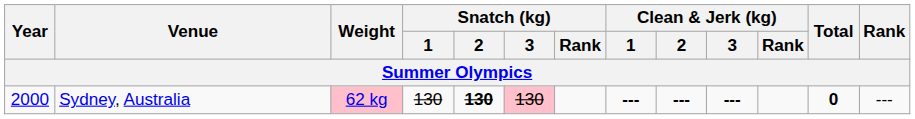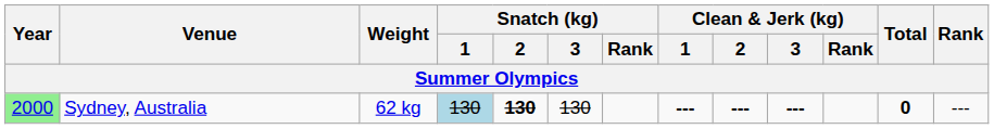 <table class = "wikitable" style="text-align:center;">
 <tr>
 <th rowspan=2 width=40>Year</th>
 <th rowspan=2 width=250>Venue</th>
 <th rowspan=2 width=60>Weight</th>
 <th colspan=4>Snatch (kg)</th>
 <th colspan=4>Clean & Jerk (kg)</th>
 <th rowspan=2 width=40>Total</th>
 <th rowspan=2 width=40>Rank</th>
 </tr>
 <tr>
 <th width=40>1</th>
 <th width=40>2</th>
 <th width=40>3</th>
 <th width=40>Rank</th>
 <th width=40>1</th>
 <th width=40>2</th>
 <th width=40>3</th>
 <th width=40>Rank</th>
 </tr>
 <tr>
 <th colspan=13><a href='#'>Summer Olympics</a></th>
 </tr>
 <tr>
-<td><a href='#'>2000</a></td>
+<td style="background: lightgreen;"><a href='#'>2000</a></td>
 <td align=left> <a href='#'>Sydney</a>, <a href='#'>Australia</a></td>
-<td style="background: pink;"><a href='#'>62 kg</a></td>
+<td><a href='#'>62 kg</a></td>
+<td style="background: lightblue;"><s>130</s></td>
+<td><strong><s>130</s></strong></td>
 <td><s>130</s></td>
-<td><strong><s>130</s></strong></td>
-<td style="background: pink;"><s>130</s></td>
 <td></td>
 <td><strong>---</strong></td>
 <td><strong>---</strong></td>
 <td><strong>---</strong></td>
 <td></td>
 <td><strong>0</strong></td>
 <td>---</td>
 </tr>
 </table>
